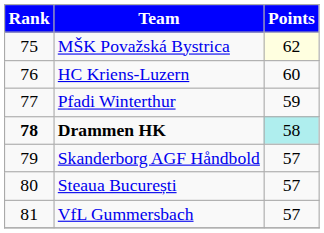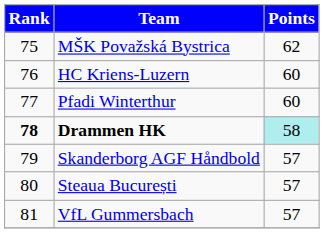 <table class="wikitable" style="text-align: center">
 <tr>
 <th style="color:#FFFFFF; background:#0000FF">Rank</th>
 <th style="color:#FFFFFF; background:#0000FF">Team</th>
 <th style="color:#FFFFFF; background:#0000FF">Points</th>
 </tr>
 <tr>
 <td>75</td>
 <td align=left> <a href='#'>MŠK Považská Bystrica</a></td>
-<td style="background: lightyellow;">62</td>
+<td>62</td>
 </tr>
 <tr>
 <td>76</td>
 <td align=left> <a href='#'>HC Kriens-Luzern</a></td>
 <td>60</td>
 </tr>
 <tr>
 <td>77</td>
 <td align=left> <a href='#'>Pfadi Winterthur</a></td>
-<td>59</td>
+<td>60</td>
 </tr>
 <tr>
 <td><strong>78</strong></td>
 <td align=left> <strong>Drammen HK</strong></td>
 <td style="background: paleturquoise;">58</td>
 </tr>
 <tr>
 <td>79</td>
 <td align=left> <a href='#'>Skanderborg AGF Håndbold</a></td>
 <td>57</td>
 </tr>
 <tr>
 <td>80</td>
 <td align=left> <a href='#'>Steaua București</a></td>
 <td>57</td>
 </tr>
 <tr>
 <td>81</td>
 <td align=left> <a href='#'>VfL Gummersbach</a></td>
 <td>57</td>
 </tr>
 <tr>
 </tr>
 </table>
